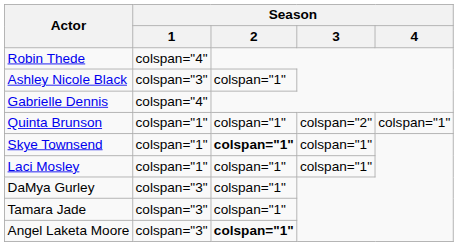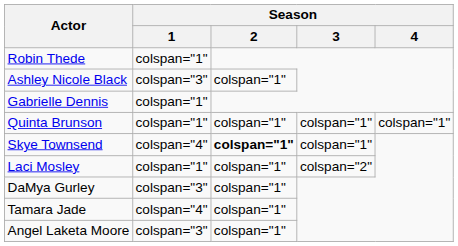 <table class="wikitable">
 <tr>
 <th rowspan="2">Actor</th>
 <th colspan="4">Season</th>
 </tr>
 <tr>
 <th>1</th>
 <th>2</th>
 <th>3</th>
 <th>4</th>
 </tr>
 <tr>
 <td><a href='#'>Robin Thede</a></td>
-<td>colspan="4" </td>
+<td>colspan="1" </td>
 </tr>
 <tr>
 <td><a href='#'>Ashley Nicole Black</a></td>
 <td>colspan="3" </td>
 <td>colspan="1" </td>
 </tr>
 <tr>
 <td><a href='#'>Gabrielle Dennis</a></td>
-<td>colspan="4" </td>
+<td>colspan="1" </td>
 </tr>
 <tr>
 <td><a href='#'>Quinta Brunson</a></td>
 <td>colspan="1" </td>
 <td>colspan="1" </td>
-<td>colspan="2" </td>
+<td>colspan="1" </td>
 <td>colspan="1" </td>
 </tr>
 <tr>
 <td><a href='#'>Skye Townsend</a></td>
-<td>colspan="1" </td>
+<td>colspan="4" </td>
 <td><strong>colspan="1" </strong></td>
 <td>colspan="1" </td>
 </tr>
 <tr>
 <td><a href='#'>Laci Mosley</a></td>
 <td>colspan="1" </td>
 <td>colspan="1" </td>
-<td>colspan="1" </td>
+<td>colspan="2" </td>
 </tr>
 <tr>
 <td>DaMya Gurley</td>
 <td>colspan="3" </td>
 <td>colspan="1" </td>
 </tr>
 <tr>
 <td>Tamara Jade</td>
-<td>colspan="3" </td>
+<td>colspan="4" </td>
 <td>colspan="1" </td>
 </tr>
 <tr>
 <td>Angel Laketa Moore</td>
 <td>colspan="3" </td>
-<td><strong>colspan="1" </strong></td>
+<td>colspan="1" </td>
 </tr>
 </table>
